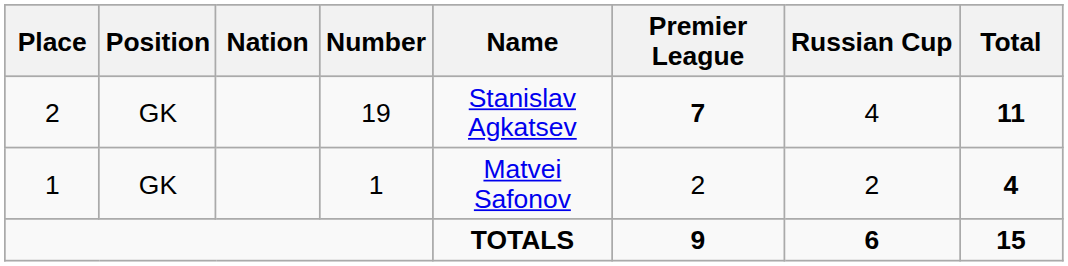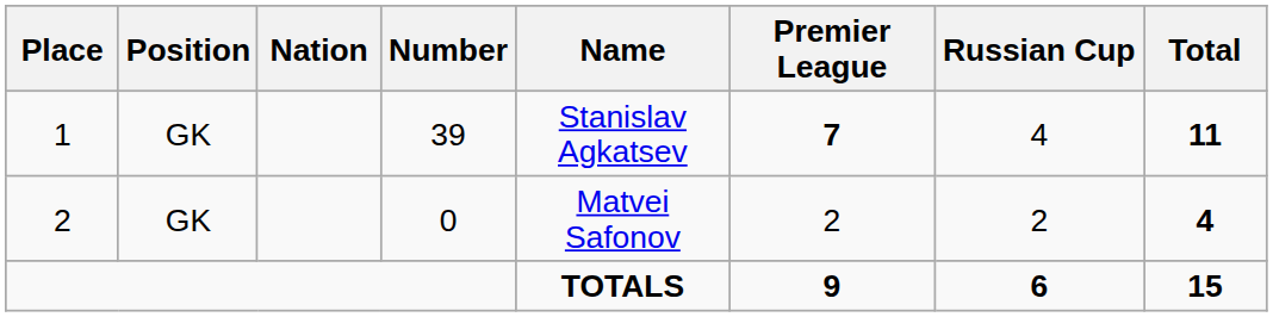 <table class="wikitable" style="font-size: 95%; text-align: center;">
 <tr>
 <th width=60>Place</th>
 <th width=60>Position</th>
 <th width=60>Nation</th>
 <th width=60>Number</th>
 <th width=150>Name</th>
 <th width=150>Premier League</th>
 <th width=150>Russian Cup</th>
 <th width=80><strong>Total</strong></th>
 </tr>
 <tr>
-<td>2</td>
+<td>1</td>
 <td>GK</td>
 <td></td>
-<td>19</td>
+<td>39</td>
 <td><a href='#'>Stanislav Agkatsev</a></td>
 <td><strong>7</strong></td>
 <td>4</td>
 <td><strong>11</strong></td>
 </tr>
 <tr>
-<td>1</td>
+<td>2</td>
 <td>GK</td>
 <td></td>
-<td>1</td>
+<td>0</td>
 <td><a href='#'>Matvei Safonov</a></td>
 <td>2</td>
 <td>2</td>
 <td><strong>4</strong></td>
 </tr>
 <tr>
 <td colspan="4"></td>
 <td><strong>TOTALS</strong></td>
 <td><strong>9</strong></td>
 <td><strong>6</strong></td>
 <td><strong>15</strong></td>
 </tr>
 </table>
